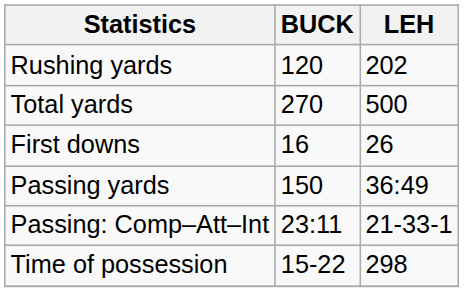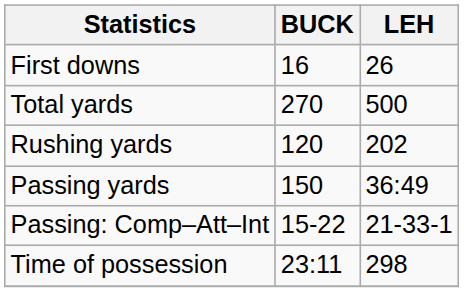 <table class="wikitable" style="float: left;">
 <tr>
 <th>Statistics</th>
 <th>BUCK</th>
 <th>LEH</th>
 </tr>
 <tr>
-<td>Rushing yards</td>
-<td>120</td>
-<td>202</td>
+<td>First downs</td>
+<td>16</td>
+<td>26</td>
 </tr>
 <tr>
 <td>Total yards</td>
 <td>270</td>
 <td>500</td>
 </tr>
 <tr>
-<td>First downs</td>
-<td>16</td>
-<td>26</td>
+<td>Rushing yards</td>
+<td>120</td>
+<td>202</td>
 </tr>
 <tr>
 <td>Passing yards</td>
 <td>150</td>
 <td>36:49</td>
 </tr>
 <tr>
 <td>Passing: Comp–Att–Int</td>
-<td>23:11</td>
+<td>15-22</td>
 <td>21-33-1</td>
 </tr>
 <tr>
 <td>Time of possession</td>
-<td>15-22</td>
+<td>23:11</td>
 <td>298</td>
 </tr>
 <tr>
 </tr>
 </table>
